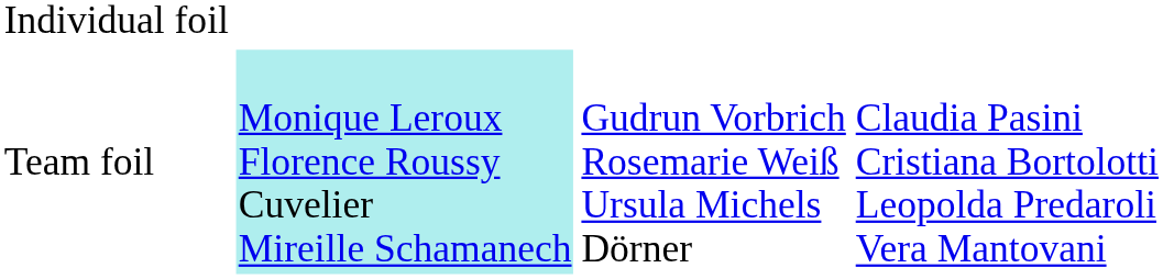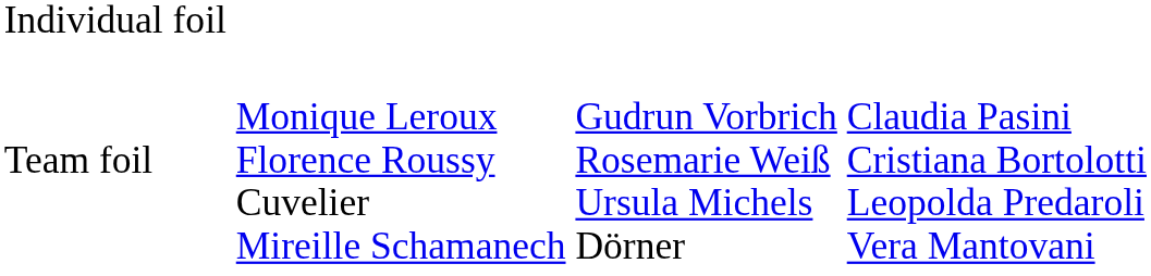 <table>
 <tr>
 <td>Individual foil</td>
 <td></td>
 <td></td>
 <td></td>
 </tr>
 <tr>
 <td>Team foil</td>
-<td style="background: paleturquoise;"><br><a href='#'>Monique Leroux</a><br><a href='#'>Florence Roussy</a><br>Cuvelier<br><a href='#'>Mireille Schamanech</a></td>
+<td><br><a href='#'>Monique Leroux</a><br><a href='#'>Florence Roussy</a><br>Cuvelier<br><a href='#'>Mireille Schamanech</a></td>
 <td><br><a href='#'>Gudrun Vorbrich</a><br><a href='#'>Rosemarie Weiß</a><br><a href='#'>Ursula Michels</a><br>Dörner</td>
 <td><br><a href='#'>Claudia Pasini</a><br><a href='#'>Cristiana Bortolotti</a><br><a href='#'>Leopolda Predaroli</a><br><a href='#'>Vera Mantovani</a></td>
 </tr>
 </table>
